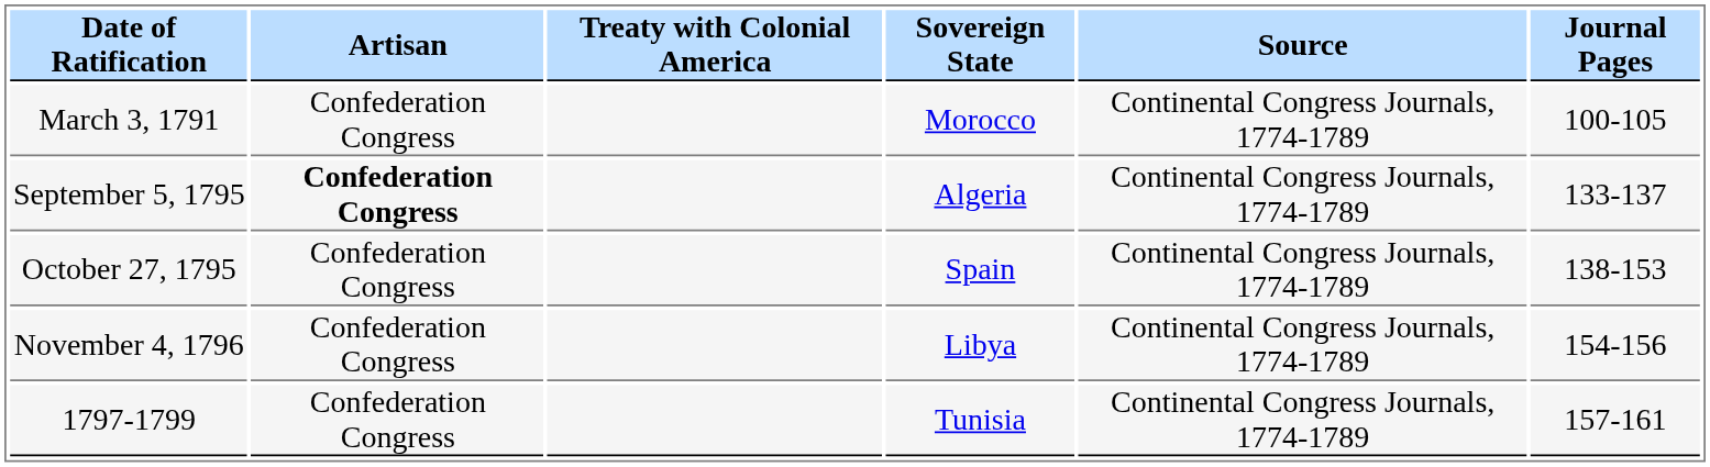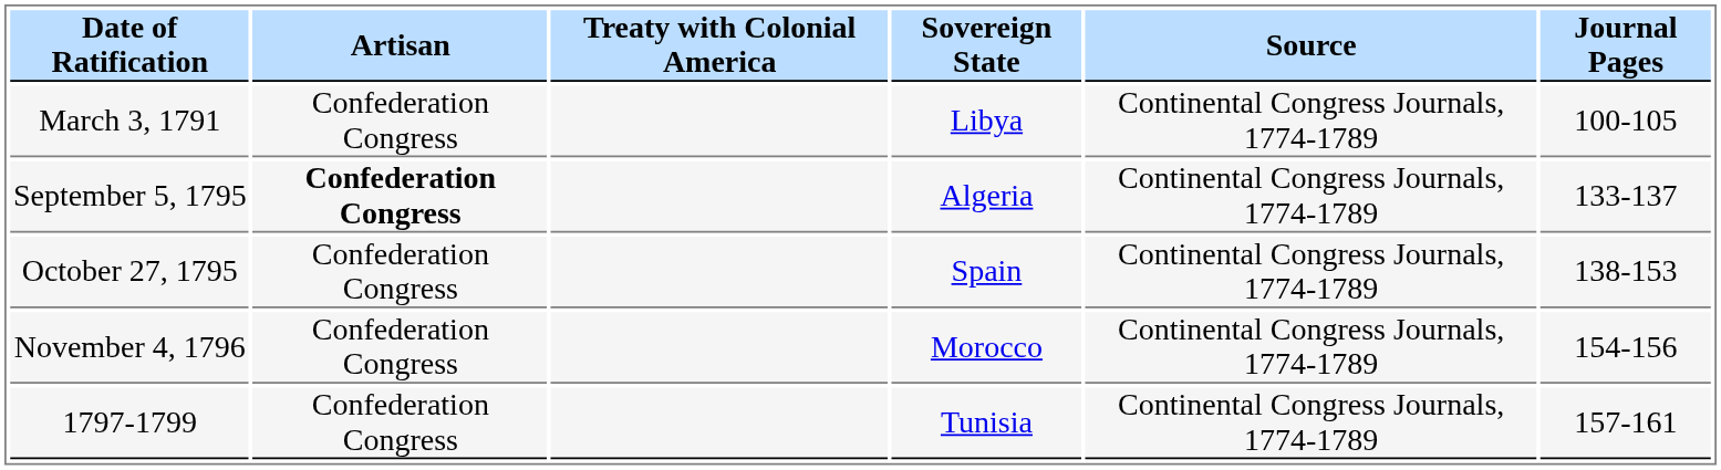 <table style="border:1px solid gray; align:left;width:100%" cellspacing=2 cellpadding=0>
 <tr style="font-weight:bold; text-align:center; background:#bbddff; color:black;">
 <th style=" border-bottom:1.5px solid black">Date of Ratification</th>
 <th style=" border-bottom:1.5px solid black">Artisan</th>
 <th style=" border-bottom:1.5px solid black">Treaty with Colonial America</th>
 <th style=" border-bottom:1.5px solid black">Sovereign State</th>
 <th style=" border-bottom:1.5px solid black">Source</th>
 <th style=" border-bottom:1.5px solid black">Journal Pages</th>
 </tr>
 <tr>
 <td style="border-bottom:1px solid gray; background:#F5F5F5; text-align:center;">March 3, 1791</td>
 <td style="border-bottom:1px solid gray; background:#F5F5F5; text-align:center;">Confederation Congress</td>
 <td style="border-bottom:1px solid gray; background:#F5F5F5; text-align:center;"></td>
-<td style="border-bottom:1px solid gray; background:#F5F5F5; text-align:center;"><a href='#'>Morocco</a></td>
+<td style="border-bottom:1px solid gray; background:#F5F5F5; text-align:center;"><a href='#'>Libya</a></td>
 <td style="border-bottom:1px solid gray; background:#F5F5F5; text-align:center;">Continental Congress Journals, 1774-1789</td>
 <td style="border-bottom:1px solid gray; background:#F5F5F5; text-align:center;">100-105</td>
 </tr>
 <tr>
 <td style="border-bottom:1px solid gray; background:#F5F5F5; text-align:center;">September 5, 1795</td>
 <td style="border-bottom:1px solid gray; background:#F5F5F5; text-align:center;"><strong>Confederation Congress</strong></td>
 <td style="border-bottom:1px solid gray; background:#F5F5F5; text-align:center;"></td>
 <td style="border-bottom:1px solid gray; background:#F5F5F5; text-align:center;"><a href='#'>Algeria</a></td>
 <td style="border-bottom:1px solid gray; background:#F5F5F5; text-align:center;">Continental Congress Journals, 1774-1789</td>
 <td style="border-bottom:1px solid gray; background:#F5F5F5; text-align:center;">133-137</td>
 </tr>
 <tr>
 <td style="border-bottom:1px solid gray; background:#F5F5F5; text-align:center;">October 27, 1795</td>
 <td style="border-bottom:1px solid gray; background:#F5F5F5; text-align:center;">Confederation Congress</td>
 <td style="border-bottom:1px solid gray; background:#F5F5F5; text-align:center;"></td>
 <td style="border-bottom:1px solid gray; background:#F5F5F5; text-align:center;"><a href='#'>Spain</a></td>
 <td style="border-bottom:1px solid gray; background:#F5F5F5; text-align:center;">Continental Congress Journals, 1774-1789</td>
 <td style="border-bottom:1px solid gray; background:#F5F5F5; text-align:center;">138-153</td>
 </tr>
 <tr>
 <td style="border-bottom:1px solid gray; background:#F5F5F5; text-align:center;">November 4, 1796</td>
 <td style="border-bottom:1px solid gray; background:#F5F5F5; text-align:center;">Confederation Congress</td>
 <td style="border-bottom:1px solid gray; background:#F5F5F5; text-align:center;"></td>
-<td style="border-bottom:1px solid gray; background:#F5F5F5; text-align:center;"><a href='#'>Libya</a></td>
+<td style="border-bottom:1px solid gray; background:#F5F5F5; text-align:center;"><a href='#'>Morocco</a></td>
 <td style="border-bottom:1px solid gray; background:#F5F5F5; text-align:center;">Continental Congress Journals, 1774-1789</td>
 <td style="border-bottom:1px solid gray; background:#F5F5F5; text-align:center;">154-156</td>
 </tr>
 <tr>
 <td style="border-bottom:1.5px solid black; background:#F5F5F5; text-align:center;">1797-1799</td>
 <td style="border-bottom:1.5px solid black; background:#F5F5F5; text-align:center;">Confederation Congress</td>
 <td style="border-bottom:1.5px solid black; background:#F5F5F5; text-align:center;"></td>
 <td style="border-bottom:1.5px solid black; background:#F5F5F5; text-align:center;"><a href='#'>Tunisia</a></td>
 <td style="border-bottom:1.5px solid black; background:#F5F5F5; text-align:center;">Continental Congress Journals, 1774-1789</td>
 <td style="border-bottom:1.5px solid black; background:#F5F5F5; text-align:center;">157-161</td>
 </tr>
 </table>
